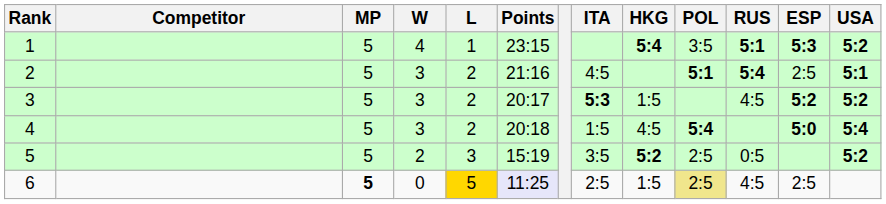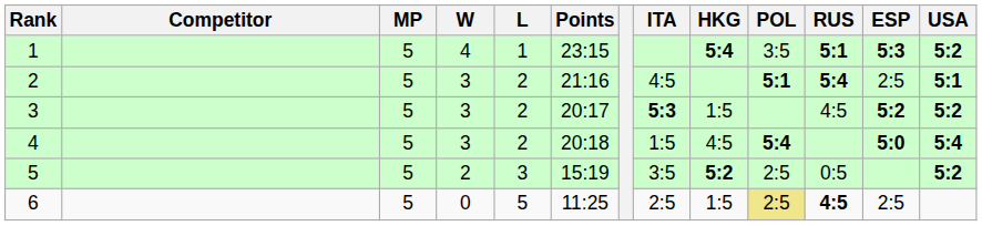 <table class="wikitable" style="text-align:center">
 <tr>
 <th>Rank</th>
 <th style="width:16em">Competitor</th>
 <th style="width:2.5em">MP</th>
 <th style="width:2.5em">W</th>
 <th style="width:2.5em">L</th>
 <th>Points</th>
 <th rowspan="7"> </th>
 <th style="width:2.5em">ITA</th>
 <th style="width:2.5em">HKG</th>
 <th style="width:2.5em">POL</th>
 <th style="width:2.5em">RUS</th>
 <th style="width:2.5em">ESP</th>
 <th style="width:2.5em">USA</th>
 </tr>
 <tr style="background:#cfc;">
 <td>1</td>
 <td style="text-align:left"></td>
 <td>5</td>
 <td>4</td>
 <td>1</td>
 <td>23:15</td>
 <td></td>
 <td><strong>5:4</strong></td>
 <td>3:5</td>
 <td><strong>5:1</strong></td>
 <td><strong>5:3</strong></td>
 <td><strong>5:2</strong></td>
 </tr>
 <tr style="background:#cfc;">
 <td>2</td>
 <td style="text-align:left"></td>
 <td>5</td>
 <td>3</td>
 <td>2</td>
 <td>21:16</td>
 <td>4:5</td>
 <td></td>
 <td><strong>5:1</strong></td>
 <td><strong>5:4</strong></td>
 <td>2:5</td>
 <td><strong>5:1</strong></td>
 </tr>
 <tr style="background:#cfc;">
 <td>3</td>
 <td style="text-align:left"></td>
 <td>5</td>
 <td>3</td>
 <td>2</td>
 <td>20:17</td>
 <td><strong>5:3</strong></td>
 <td>1:5</td>
 <td></td>
 <td>4:5</td>
 <td><strong>5:2</strong></td>
 <td><strong>5:2</strong></td>
 </tr>
 <tr style="background:#cfc;">
 <td>4</td>
 <td style="text-align:left"></td>
 <td>5</td>
 <td>3</td>
 <td>2</td>
 <td>20:18</td>
 <td>1:5</td>
 <td>4:5</td>
 <td><strong>5:4</strong></td>
 <td></td>
 <td><strong>5:0</strong></td>
 <td><strong>5:4</strong></td>
 </tr>
 <tr style="background:#cfc;">
 <td>5</td>
 <td style="text-align:left"></td>
 <td>5</td>
 <td>2</td>
 <td>3</td>
 <td>15:19</td>
 <td>3:5</td>
 <td><strong>5:2</strong></td>
 <td>2:5</td>
 <td>0:5</td>
 <td></td>
 <td><strong>5:2</strong></td>
 </tr>
 <tr>
 <td>6</td>
 <td style="text-align:left"></td>
-<td><strong>5</strong></td>
+<td>5</td>
 <td>0</td>
-<td style="background: gold;">5</td>
-<td style="background: lavender;">11:25</td>
+<td>5</td>
+<td>11:25</td>
 <td>2:5</td>
 <td>1:5</td>
 <td style="background: khaki;">2:5</td>
-<td>4:5</td>
+<td><strong>4:5</strong></td>
 <td>2:5</td>
 <td></td>
 </tr>
 </table>
